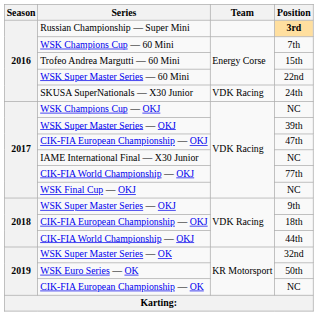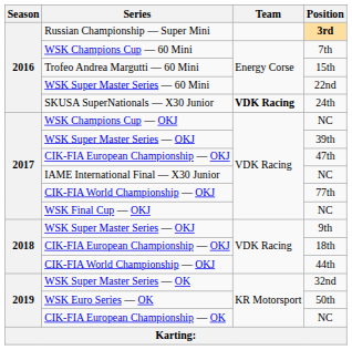 <table class="wikitable" style="font-size: 85%; text-align:center">
 <tr>
 <th>Season</th>
 <th>Series</th>
 <th>Team</th>
 <th>Position</th>
 </tr>
 <tr>
 <th rowspan="5">2016</th>
 <td align="left">Russian Championship — Super Mini</td>
 <td align="left"></td>
 <td style="background:#FFDF9F;"><strong>3rd</strong></td>
 </tr>
 <tr>
 <td align="left"><a href='#'>WSK Champions Cup</a> — 60 Mini</td>
 <td rowspan="3" align="left">Energy Corse</td>
 <td>7th</td>
 </tr>
 <tr>
 <td align="left">Trofeo Andrea Margutti — 60 Mini</td>
 <td>15th</td>
 </tr>
 <tr>
 <td align="left"><a href='#'>WSK Super Master Series</a> — 60 Mini</td>
 <td>22nd</td>
 </tr>
 <tr>
 <td align="left">SKUSA SuperNationals — X30 Junior</td>
-<td align="left">VDK Racing</td>
+<td align="left"><strong>VDK Racing</strong></td>
 <td>24th</td>
 </tr>
 <tr>
 <th rowspan="6">2017</th>
 <td align="left"><a href='#'>WSK Champions Cup</a> — <a href='#'>OKJ</a></td>
 <td rowspan="6" align="left">VDK Racing</td>
 <td>NC</td>
 </tr>
 <tr>
 <td align="left"><a href='#'>WSK Super Master Series</a> — <a href='#'>OKJ</a></td>
 <td>39th</td>
 </tr>
 <tr>
 <td align="left"><a href='#'>CIK-FIA European Championship</a> — <a href='#'>OKJ</a></td>
 <td>47th</td>
 </tr>
 <tr>
 <td align="left">IAME International Final — X30 Junior</td>
 <td>NC</td>
 </tr>
 <tr>
 <td align="left"><a href='#'>CIK-FIA World Championship</a> — <a href='#'>OKJ</a></td>
 <td>77th</td>
 </tr>
 <tr>
 <td align="left"><a href='#'>WSK Final Cup</a> — <a href='#'>OKJ</a></td>
 <td>NC</td>
 </tr>
 <tr>
 <th rowspan="3">2018</th>
 <td align="left"><a href='#'>WSK Super Master Series</a> — <a href='#'>OKJ</a></td>
 <td rowspan="3" align="left">VDK Racing</td>
 <td>9th</td>
 </tr>
 <tr>
 <td align="left"><a href='#'>CIK-FIA European Championship</a> — <a href='#'>OKJ</a></td>
 <td>18th</td>
 </tr>
 <tr>
 <td align="left"><a href='#'>CIK-FIA World Championship</a> — <a href='#'>OKJ</a></td>
 <td>44th</td>
 </tr>
 <tr>
 <th rowspan="3">2019</th>
 <td align="left"><a href='#'>WSK Super Master Series</a> — <a href='#'>OK</a></td>
 <td rowspan="3" align="left">KR Motorsport</td>
 <td>32nd</td>
 </tr>
 <tr>
 <td align="left"><a href='#'>WSK Euro Series</a> — <a href='#'>OK</a></td>
 <td>50th</td>
 </tr>
 <tr>
 <td align="left"><a href='#'>CIK-FIA European Championship</a> — <a href='#'>OK</a></td>
 <td>NC</td>
 </tr>
 <tr>
 <th colspan="4">Karting:</th>
 </tr>
 </table>
